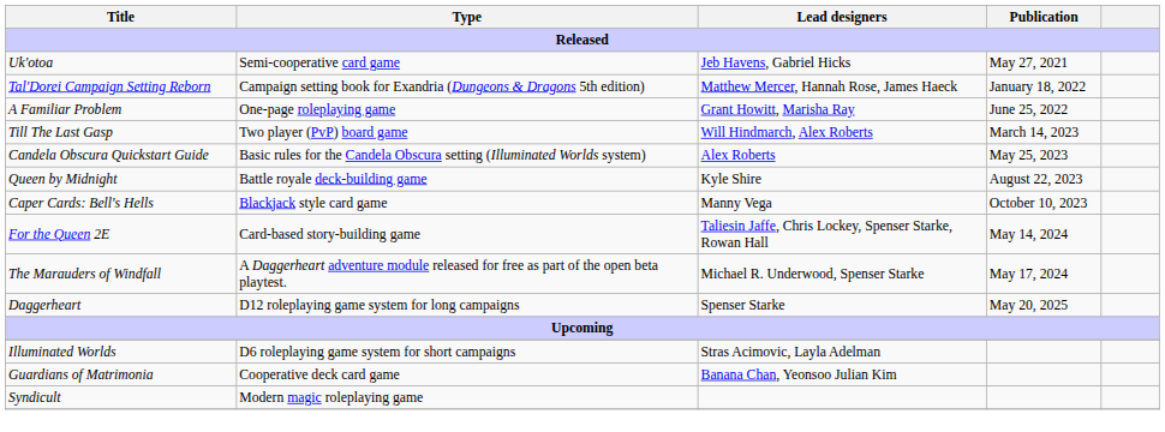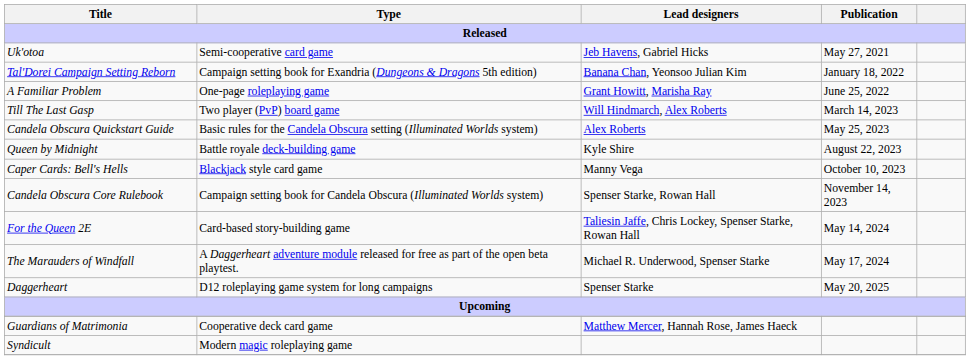 <table class="wikitable sortable" style="margins:auto; width=95%; font-size: 95%;">
 <tr>
 <th width="20%">Title</th>
 <th width="40%">Type</th>
 <th width="25%">Lead designers</th>
 <th width="10%">Publication</th>
 <th width="5%"></th>
 </tr>
 <tr>
 <th colspan="5" style="background-color:#ccccff;">Released</th>
 </tr>
 <tr>
 <td><em>Uk'otoa</em></td>
 <td>Semi-cooperative <a href='#'>card game</a></td>
 <td><a href='#'>Jeb Havens</a>, Gabriel Hicks</td>
 <td>May 27, 2021</td>
 <td></td>
 </tr>
 <tr>
 <td><em><a href='#'>Tal'Dorei Campaign Setting Reborn</a></em></td>
 <td>Campaign setting book for Exandria (<em><a href='#'>Dungeons & Dragons</a></em> 5th edition)</td>
-<td><a href='#'>Matthew Mercer</a>, Hannah Rose, James Haeck</td>
+<td><a href='#'>Banana Chan</a>, Yeonsoo Julian Kim</td>
 <td>January 18, 2022</td>
 <td></td>
 </tr>
 <tr>
 <td><em>A Familiar Problem</em></td>
 <td>One-page <a href='#'>roleplaying game</a></td>
 <td><a href='#'>Grant Howitt</a>, <a href='#'>Marisha Ray</a></td>
 <td>June 25, 2022</td>
 <td></td>
 </tr>
 <tr>
 <td><em>Till The Last Gasp</em></td>
 <td>Two player (<a href='#'>PvP</a>) <a href='#'>board game</a></td>
 <td><a href='#'>Will Hindmarch</a>, <a href='#'>Alex Roberts</a></td>
 <td>March 14, 2023</td>
 <td></td>
 </tr>
 <tr>
 <td><em>Candela Obscura Quickstart Guide</em></td>
 <td>Basic rules for the <a href='#'>Candela Obscura</a> setting (<em>Illuminated Worlds</em> system)</td>
 <td><a href='#'>Alex Roberts</a></td>
 <td>May 25, 2023</td>
 <td></td>
 </tr>
 <tr>
 <td><em>Queen by Midnight</em></td>
 <td>Battle royale <a href='#'>deck-building game</a></td>
 <td>Kyle Shire</td>
 <td>August 22, 2023</td>
 <td></td>
 </tr>
 <tr>
 <td><em>Caper Cards: Bell's Hells</em></td>
 <td><a href='#'>Blackjack</a> style card game</td>
 <td>Manny Vega</td>
 <td>October 10, 2023</td>
 <td></td>
 </tr>
 <tr>
+<td><em>Candela Obscura Core Rulebook</em></td>
+<td>Campaign setting book for Candela Obscura (<em>Illuminated Worlds</em> system)</td>
+<td>Spenser Starke, Rowan Hall</td>
+<td>November 14, 2023</td>
+<td></td>
+</tr>
+<tr>
 <td><a href='#'><em>For the Queen</em></a> <em>2E</em></td>
 <td>Card-based story-building game</td>
 <td><a href='#'>Taliesin Jaffe</a>, Chris Lockey, Spenser Starke, Rowan Hall</td>
 <td>May 14, 2024</td>
 <td></td>
 </tr>
 <tr>
 <td><em>The Marauders of Windfall</em></td>
 <td>A <em>Daggerheart</em> <a href='#'>adventure module</a> released for free as part of the open beta playtest.</td>
 <td>Michael R. Underwood, Spenser Starke</td>
 <td>May 17, 2024</td>
 <td></td>
 </tr>
 <tr>
 <td><em>Daggerheart</em></td>
 <td>D12 roleplaying game system for long campaigns</td>
 <td>Spenser Starke</td>
 <td>May 20, 2025</td>
 <td></td>
 </tr>
 <tr>
 <th colspan="5" style="background-color:#ccccff;">Upcoming</th>
 </tr>
 <tr>
 </tr>
 <tr>
-<td><em>Illuminated Worlds</em></td>
-<td>D6 roleplaying game system for short campaigns</td>
-<td>Stras Acimovic, Layla Adelman</td>
-<td></td>
-<td></td>
-</tr>
-<tr>
 <td><em>Guardians of Matrimonia</em></td>
 <td>Cooperative deck card game</td>
-<td><a href='#'>Banana Chan</a>, Yeonsoo Julian Kim</td>
+<td><a href='#'>Matthew Mercer</a>, Hannah Rose, James Haeck</td>
 <td></td>
 <td></td>
 </tr>
 <tr>
 <td><em>Syndicult</em></td>
 <td>Modern <a href='#'>magic</a> roleplaying game</td>
 <td></td>
 <td></td>
 <td></td>
 </tr>
 <tr>
 </tr>
 </table>
